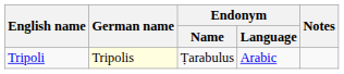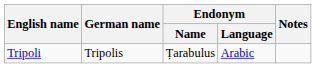 <table class="wikitable sortable mw-collapsible">
 <tr>
 <th rowspan="2">English name</th>
 <th rowspan="2">German name</th>
 <th colspan="2">Endonym</th>
 <th rowspan="2">Notes</th>
 </tr>
 <tr>
 <th>Name</th>
 <th>Language</th>
 </tr>
 <tr>
 <td><a href='#'>Tripoli</a></td>
-<td style="background: lightyellow;">Tripolis</td>
+<td>Tripolis</td>
 <td>Ṭarabulus</td>
 <td><a href='#'>Arabic</a></td>
 <td></td>
 </tr>
 </table>
